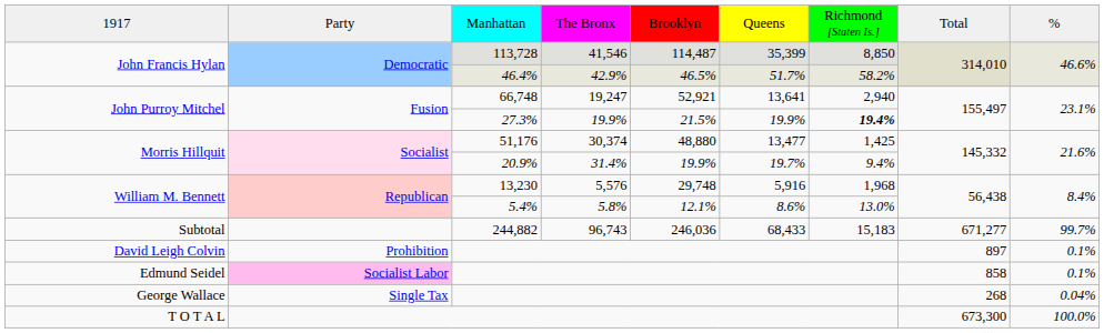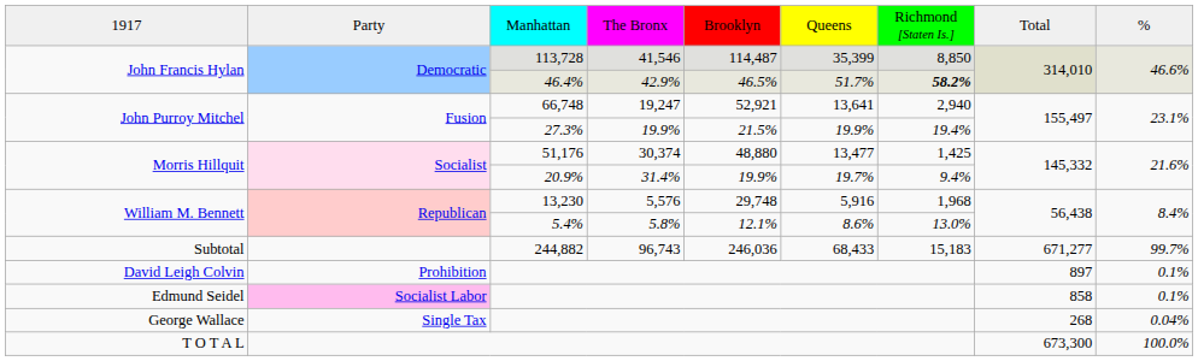 <table class="wikitable" style="width:100%; text-align:right;">
 <tr style="text-align:center;">
 <td style="width:20%; background:#f0f0f0;">1917</td>
 <td style="width:20%; background:#f0f0f0;">Party</td>
 <td style="width:8%; background:aqua;">Manhattan</td>
 <td style="width:8%; background:magenta;">The Bronx</td>
 <td style="width:8%; background:red;">Brooklyn</td>
 <td style="width:8%; background:yellow;">Queens</td>
 <td style="width:8%; background:lime;">Richmond <small><em>[Staten Is.]</em></small></td>
 <td style="width:10%; background:#f0f0f0;">Total</td>
 <td style="width:8%; background:#f0f0f0;">%</td>
 </tr>
 <tr>
 <td rowspan="2"><a href='#'>John Francis Hylan</a></td>
 <td rowspan="2" style="background:#9cf;"><a href='#'>Democratic</a></td>
 <td style="background:#e0e0dd;">113,728</td>
 <td style="background:#e0e0dd;">41,546</td>
 <td style="background:#e0e0dd;">114,487</td>
 <td style="background:#e0e0dd;">35,399</td>
 <td style="background:#e0e0dd;">8,850</td>
 <td style="background:#e0e0cc;" rowspan="2">314,010</td>
 <td rowspan="2" style="background:#e8e8dd;"><em>46.6%</em></td>
 </tr>
 <tr style="background:#e8e8dd;">
 <td><em>46.4%</em></td>
 <td><em>42.9%</em></td>
 <td style="background:#e8e8dd;"><em>46.5%</em></td>
 <td style="background:#e8e8dd;"><em>51.7%</em></td>
-<td style="background:#e8e8dd;"><em>58.2%</em></td>
+<td style="background:#e8e8dd;"><strong><em>58.2%</em></strong></td>
 </tr>
 <tr>
 <td rowspan="2"><a href='#'>John Purroy Mitchel</a></td>
 <td rowspan="2"><a href='#'>Fusion</a></td>
 <td>66,748</td>
 <td>19,247</td>
 <td>52,921</td>
 <td>13,641</td>
 <td>2,940</td>
 <td rowspan="2">155,497</td>
 <td rowspan="2"><em>23.1%</em></td>
 </tr>
 <tr>
 <td><em>27.3%</em></td>
 <td><em>19.9%</em></td>
 <td><em>21.5%</em></td>
 <td><em>19.9%</em></td>
-<td><strong><em>19.4%</em></strong></td>
+<td><em>19.4%</em></td>
 </tr>
 <tr>
 <td rowspan="2"><a href='#'>Morris Hillquit</a></td>
 <td rowspan="2" style="background:#fde;"><a href='#'>Socialist</a></td>
 <td>51,176</td>
 <td>30,374</td>
 <td>48,880</td>
 <td>13,477</td>
 <td>1,425</td>
 <td rowspan="2">145,332</td>
 <td rowspan="2"><em>21.6%</em></td>
 </tr>
 <tr>
 <td><em>20.9%</em></td>
 <td><em>31.4%</em></td>
 <td><em>19.9%</em></td>
 <td><em>19.7%</em></td>
 <td><em>9.4%</em></td>
 </tr>
 <tr>
 <td rowspan="2"><a href='#'>William M. Bennett</a></td>
 <td rowspan="2" style="background:#fcc;"><a href='#'>Republican</a></td>
 <td>13,230</td>
 <td>5,576</td>
 <td>29,748</td>
 <td>5,916</td>
 <td>1,968</td>
 <td rowspan="2">56,438</td>
 <td rowspan="2"><em>8.4%</em></td>
 </tr>
 <tr>
 <td><em>5.4%</em></td>
 <td><em>5.8%</em></td>
 <td><em>12.1%</em></td>
 <td><em>8.6%</em></td>
 <td><em>13.0%</em></td>
 </tr>
 <tr>
 <td>Subtotal</td>
 <td></td>
 <td>244,882</td>
 <td>96,743</td>
 <td>246,036</td>
 <td>68,433</td>
 <td>15,183</td>
 <td>671,277</td>
 <td><em>99.7%</em></td>
 </tr>
 <tr>
 <td><a href='#'>David Leigh Colvin</a></td>
 <td><a href='#'>Prohibition</a></td>
 <td colspan="5"> </td>
 <td>897</td>
 <td><em>0.1%</em></td>
 </tr>
 <tr>
 <td>Edmund Seidel</td>
 <td style="background:#fbe;"><a href='#'>Socialist Labor</a></td>
 <td colspan="5"> </td>
 <td>858</td>
 <td><em>0.1%</em></td>
 </tr>
 <tr>
 <td>George Wallace</td>
 <td><a href='#'>Single Tax</a></td>
 <td colspan="5"> </td>
 <td>268</td>
 <td><em>0.04%</em></td>
 </tr>
 <tr>
 <td>T O T A L</td>
 <td colspan="6"> </td>
 <td>673,300</td>
 <td><em>100.0%</em></td>
 </tr>
 </table>
